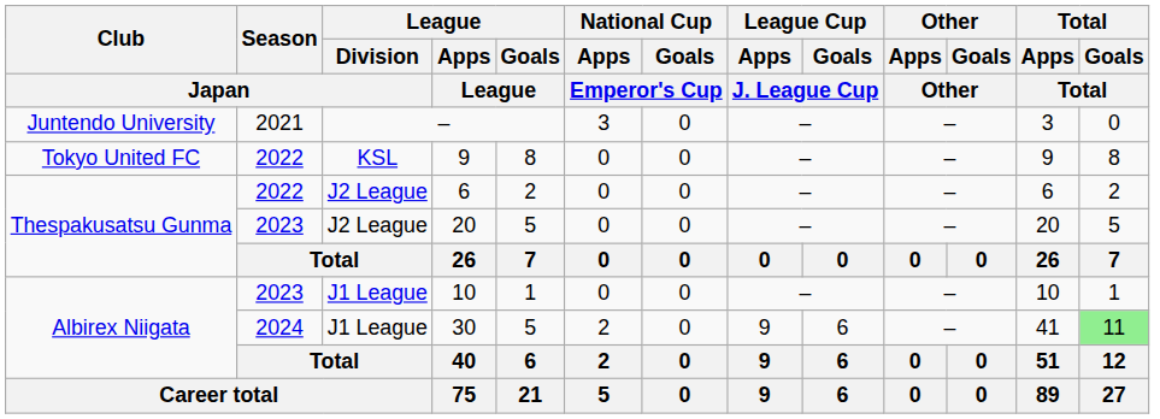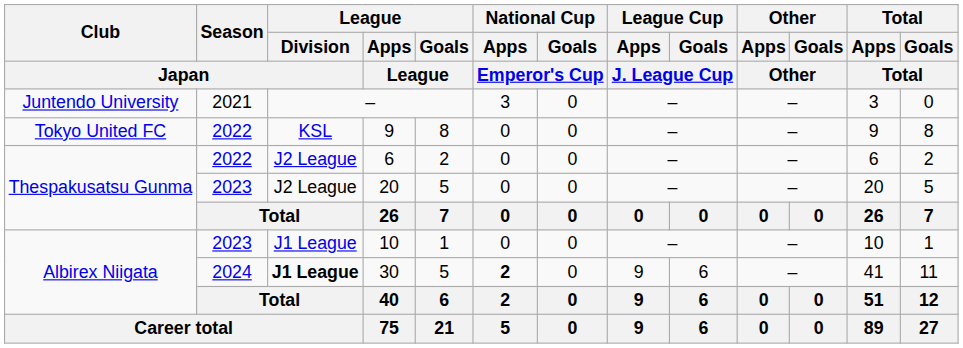 <table class="wikitable" style="text-align:center">
 <tr>
 <th rowspan=2>Club</th>
 <th rowspan=2>Season</th>
 <th colspan=3>League</th>
 <th colspan=2>National Cup</th>
 <th colspan=2>League Cup</th>
 <th colspan=2>Other</th>
 <th colspan=2>Total</th>
 </tr>
 <tr>
 <th>Division</th>
 <th>Apps</th>
 <th>Goals</th>
 <th>Apps</th>
 <th>Goals</th>
 <th>Apps</th>
 <th>Goals</th>
 <th>Apps</th>
 <th>Goals</th>
 <th>Apps</th>
 <th>Goals</th>
 </tr>
 <tr>
 <th colspan=3>Japan</th>
 <th colspan=2>League</th>
 <th colspan=2><a href='#'>Emperor's Cup</a></th>
 <th colspan=2><a href='#'>J. League Cup</a></th>
 <th colspan=2>Other</th>
 <th colspan=2>Total</th>
 </tr>
 <tr>
 <td><a href='#'>Juntendo University</a></td>
 <td>2021</td>
 <td colspan="3">–</td>
 <td>3</td>
 <td>0</td>
 <td colspan="2">–</td>
 <td colspan="2">–</td>
 <td>3</td>
 <td>0</td>
 </tr>
 <tr>
 <td><a href='#'>Tokyo United FC</a></td>
 <td><a href='#'>2022</a></td>
 <td><a href='#'>KSL</a></td>
 <td>9</td>
 <td>8</td>
 <td>0</td>
 <td>0</td>
 <td colspan="2">–</td>
 <td colspan="2">–</td>
 <td>9</td>
 <td>8</td>
 </tr>
 <tr>
 <td rowspan="3"><a href='#'>Thespakusatsu Gunma</a></td>
 <td><a href='#'>2022</a></td>
 <td><a href='#'>J2 League</a></td>
 <td>6</td>
 <td>2</td>
 <td>0</td>
 <td>0</td>
 <td colspan="2">–</td>
 <td colspan="2">–</td>
 <td>6</td>
 <td>2</td>
 </tr>
 <tr>
 <td><a href='#'>2023</a></td>
 <td>J2 League</td>
 <td>20</td>
 <td>5</td>
 <td>0</td>
 <td>0</td>
 <td colspan="2">–</td>
 <td colspan="2">–</td>
 <td>20</td>
 <td>5</td>
 </tr>
 <tr>
 <th colspan="2">Total</th>
 <th>26</th>
 <th>7</th>
 <th>0</th>
 <th>0</th>
 <th>0</th>
 <th>0</th>
 <th>0</th>
 <th>0</th>
 <th>26</th>
 <th>7</th>
 </tr>
 <tr>
 <td rowspan="3"><a href='#'>Albirex Niigata</a></td>
 <td><a href='#'>2023</a></td>
 <td><a href='#'>J1 League</a></td>
 <td>10</td>
 <td>1</td>
 <td>0</td>
 <td>0</td>
 <td colspan="2">–</td>
 <td colspan="2">–</td>
 <td>10</td>
 <td>1</td>
 </tr>
 <tr>
 <td><a href='#'>2024</a></td>
-<td>J1 League</td>
+<td><strong>J1 League</strong></td>
 <td>30</td>
 <td>5</td>
-<td>2</td>
+<td><strong>2</strong></td>
 <td>0</td>
 <td>9</td>
 <td>6</td>
 <td colspan="2">–</td>
 <td>41</td>
-<td style="background: lightgreen;">11</td>
+<td>11</td>
 </tr>
 <tr>
 <th colspan="2">Total</th>
 <th>40</th>
 <th>6</th>
 <th>2</th>
 <th>0</th>
 <th>9</th>
 <th>6</th>
 <th>0</th>
 <th>0</th>
 <th>51</th>
 <th>12</th>
 </tr>
 <tr>
 <th colspan=3>Career total</th>
 <th>75</th>
 <th>21</th>
 <th>5</th>
 <th>0</th>
 <th>9</th>
 <th>6</th>
 <th>0</th>
 <th>0</th>
 <th>89</th>
 <th>27</th>
 </tr>
 </table>
